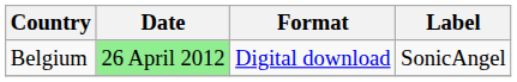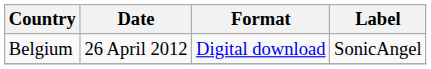 <table class=wikitable>
 <tr>
 <th scope="col">Country</th>
 <th scope="col">Date</th>
 <th scope="col">Format</th>
 <th scope="col">Label</th>
 </tr>
 <tr>
 <td>Belgium</td>
-<td style="background: lightgreen;">26 April 2012</td>
+<td>26 April 2012</td>
 <td><a href='#'>Digital download</a></td>
 <td>SonicAngel</td>
 </tr>
 <tr>
 </tr>
 </table>
